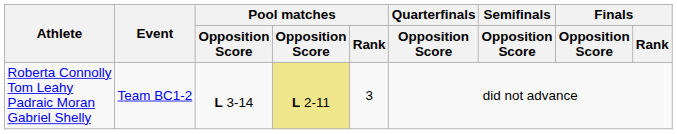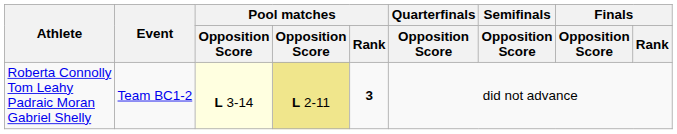 <table class=wikitable>
 <tr>
 <th rowspan="2">Athlete</th>
 <th rowspan="2">Event</th>
 <th colspan="3">Pool matches</th>
 <th>Quarterfinals</th>
 <th>Semifinals</th>
 <th colspan="2">Finals</th>
 </tr>
 <tr>
 <th>Opposition<br>Score</th>
 <th>Opposition<br>Score</th>
 <th>Rank</th>
 <th>Opposition<br>Score</th>
 <th>Opposition<br>Score</th>
 <th>Opposition<br>Score</th>
 <th>Rank</th>
 </tr>
 <tr>
 <td align=left><a href='#'>Roberta Connolly</a><br> <a href='#'>Tom Leahy</a><br> <a href='#'>Padraic Moran</a><br> <a href='#'>Gabriel Shelly</a></td>
 <td align=left rowspan="2"><a href='#'>Team BC1-2</a></td>
-<td align=center><br><strong>L</strong> 3-14</td>
+<td align=center style="background: lightyellow;"><br><strong>L</strong> 3-14</td>
 <td align=center style="background: khaki;"><br><strong>L</strong> 2-11</td>
-<td align=center>3</td>
+<td align=center><strong>3</strong></td>
 <td align=center colspan="4">did not advance</td>
 </tr>
 </table>
